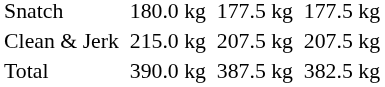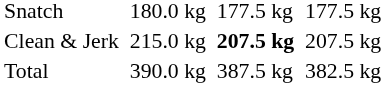 <table>
 <tr>
 <td>Snatch</td>
 <td></td>
 <td>180.0 kg</td>
 <td></td>
 <td>177.5 kg</td>
 <td></td>
 <td>177.5 kg</td>
 </tr>
 <tr>
 <td>Clean & Jerk</td>
 <td></td>
 <td>215.0 kg</td>
 <td></td>
-<td>207.5 kg</td>
+<td><strong>207.5 kg</strong></td>
 <td></td>
 <td>207.5 kg</td>
 </tr>
 <tr>
 <td>Total</td>
 <td></td>
 <td>390.0 kg</td>
 <td></td>
 <td>387.5 kg</td>
 <td></td>
 <td>382.5 kg</td>
 </tr>
 </table>
